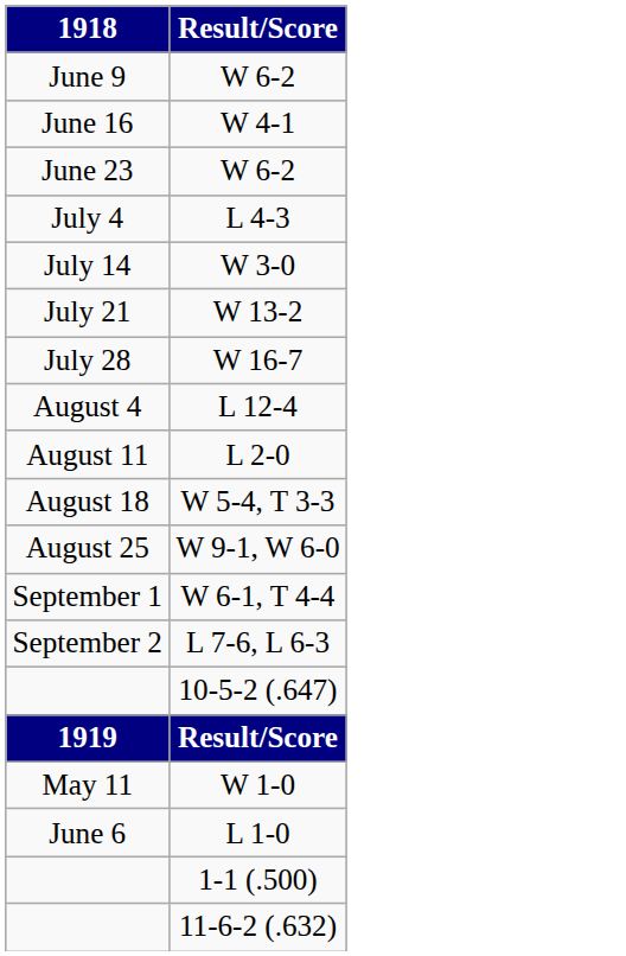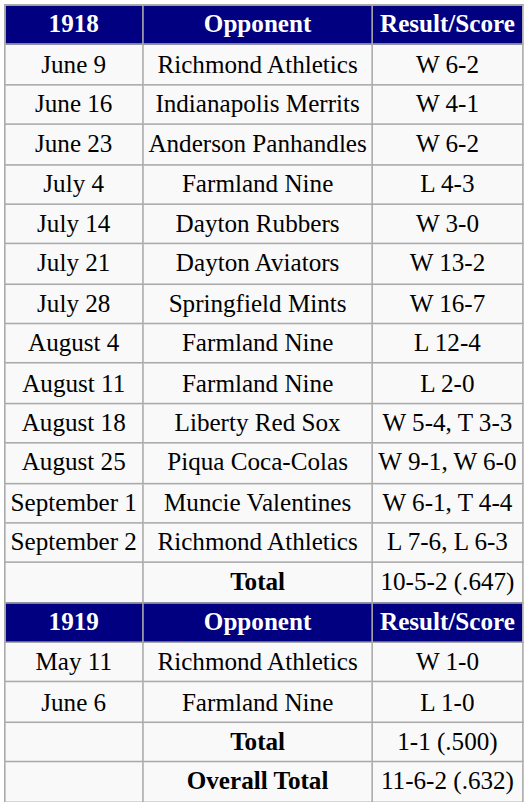 <table class="wikitable" style="text-align:center">
 <tr>
 <th style="background:navy; color:white;">1918</th>
+<th style="background:navy; color:white;">Opponent</th>
 <th style="background:navy; color:white;">Result/Score</th>
 </tr>
 <tr>
 <td>June 9</td>
+<td>Richmond Athletics</td>
 <td>W 6-2</td>
 </tr>
 <tr>
 <td>June 16</td>
+<td>Indianapolis Merrits</td>
 <td>W 4-1</td>
 </tr>
 <tr>
 <td>June 23</td>
+<td>Anderson Panhandles</td>
 <td>W 6-2</td>
 </tr>
 <tr>
 <td>July 4</td>
+<td>Farmland Nine</td>
 <td>L 4-3</td>
 </tr>
 <tr>
 <td>July 14</td>
+<td>Dayton Rubbers</td>
 <td>W 3-0</td>
 </tr>
 <tr>
 <td>July 21</td>
+<td>Dayton Aviators</td>
 <td>W 13-2</td>
 </tr>
 <tr>
 <td>July 28</td>
+<td>Springfield Mints</td>
 <td>W 16-7</td>
 </tr>
 <tr>
 <td>August 4</td>
+<td>Farmland Nine</td>
 <td>L 12-4</td>
 </tr>
 <tr>
 <td>August 11</td>
+<td>Farmland Nine</td>
 <td>L 2-0</td>
 </tr>
 <tr>
 <td>August 18</td>
+<td>Liberty Red Sox</td>
 <td>W 5-4, T 3-3</td>
 </tr>
 <tr>
 <td>August 25</td>
+<td>Piqua Coca-Colas</td>
 <td>W 9-1, W 6-0</td>
 </tr>
 <tr>
 <td>September 1</td>
+<td>Muncie Valentines</td>
 <td>W 6-1, T 4-4</td>
 </tr>
 <tr>
 <td>September 2</td>
+<td>Richmond Athletics</td>
 <td>L 7-6, L 6-3</td>
 </tr>
 <tr>
 <td></td>
+<td><strong>Total</strong></td>
 <td>10-5-2 (.647)</td>
 </tr>
 <tr>
 <th style="background:navy; color:white;">1919</th>
+<th style="background:navy; color:white;">Opponent</th>
 <th style="background:navy; color:white;">Result/Score</th>
 </tr>
 <tr>
 <td>May 11</td>
+<td>Richmond Athletics</td>
 <td>W 1-0</td>
 </tr>
 <tr>
 <td>June 6</td>
+<td>Farmland Nine</td>
 <td>L 1-0</td>
 </tr>
 <tr>
 <td></td>
+<td><strong>Total</strong></td>
 <td>1-1 (.500)</td>
 </tr>
 <tr>
 <td></td>
+<td><strong>Overall Total</strong></td>
 <td>11-6-2 (.632)</td>
 </tr>
 </table>
